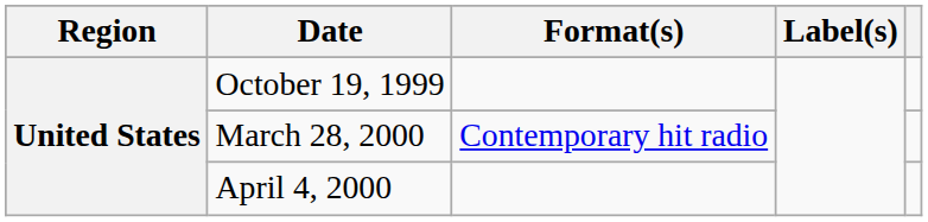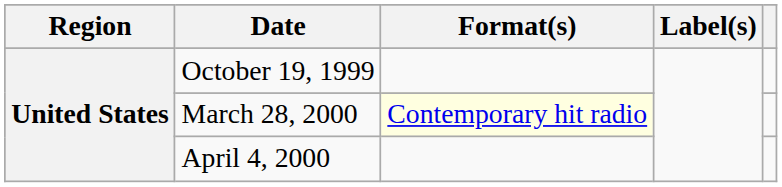 <table class="wikitable plainrowheaders">
 <tr>
 <th scope="col">Region</th>
 <th scope="col">Date</th>
 <th scope="col">Format(s)</th>
 <th scope="col">Label(s)</th>
 <th scope="col"></th>
 </tr>
 <tr>
 <th scope="row" rowspan="3">United States</th>
 <td>October 19, 1999</td>
 <td></td>
 <td rowspan="3"></td>
 <td></td>
 </tr>
 <tr>
 <td>March 28, 2000</td>
-<td><a href='#'>Contemporary hit radio</a></td>
+<td style="background: lightyellow;"><a href='#'>Contemporary hit radio</a></td>
 <td></td>
 </tr>
 <tr>
 <td>April 4, 2000</td>
 <td></td>
 <td></td>
 </tr>
 </table>
